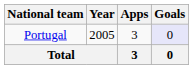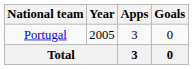 <table class="wikitable" style="text-align:center">
 <tr>
 <th>National team</th>
 <th>Year</th>
 <th>Apps</th>
 <th>Goals</th>
 </tr>
 <tr>
 <td><a href='#'>Portugal</a></td>
 <td>2005</td>
 <td>3</td>
-<td style="background: lavender;">0</td>
+<td>0</td>
 </tr>
 <tr>
 <th colspan="2">Total</th>
 <th>3</th>
 <th>0</th>
 </tr>
 </table>
